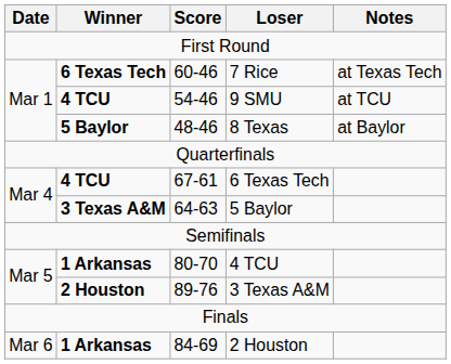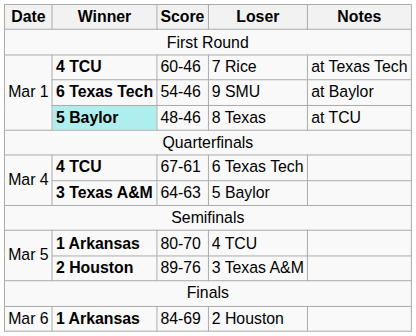 <table class=wikitable>
 <tr>
 <th>Date</th>
 <th>Winner</th>
 <th>Score</th>
 <th>Loser</th>
 <th>Notes</th>
 </tr>
 <tr>
 <td colspan="5" ; style="text-align: center">First Round</td>
 </tr>
 <tr>
 <td rowspan ="3">Mar 1</td>
-<td><strong>6 Texas Tech</strong></td>
+<td><strong>4 TCU</strong></td>
 <td>60-46</td>
 <td>7 Rice</td>
 <td>at Texas Tech</td>
 </tr>
 <tr>
-<td><strong>4 TCU</strong></td>
+<td><strong>6 Texas Tech</strong></td>
 <td>54-46</td>
 <td>9 SMU</td>
-<td>at TCU</td>
+<td>at Baylor</td>
 </tr>
 <tr>
-<td><strong>5 Baylor</strong></td>
+<td style="background: paleturquoise;"><strong>5 Baylor</strong></td>
 <td>48-46</td>
 <td>8 Texas</td>
-<td>at Baylor</td>
+<td>at TCU</td>
 </tr>
 <tr>
 <td colspan="5" ; style="text-align: center">Quarterfinals</td>
 </tr>
 <tr>
 <td rowspan ="2">Mar 4</td>
 <td><strong>4 TCU</strong></td>
 <td>67-61</td>
 <td>6 Texas Tech</td>
 <td></td>
 </tr>
 <tr>
 <td><strong>3 Texas A&M</strong></td>
 <td>64-63</td>
 <td>5 Baylor</td>
 <td></td>
 </tr>
 <tr>
 <td colspan="5" ; style="text-align: center">Semifinals</td>
 </tr>
 <tr>
 <td rowspan ="2">Mar 5</td>
 <td><strong>1 Arkansas</strong></td>
 <td>80-70</td>
 <td>4 TCU</td>
 <td></td>
 </tr>
 <tr>
 <td><strong>2 Houston</strong></td>
 <td>89-76</td>
 <td>3 Texas A&M</td>
 <td></td>
 </tr>
 <tr>
 <td colspan="5" ; style="text-align: center">Finals</td>
 </tr>
 <tr>
 <td>Mar 6</td>
 <td><strong>1 Arkansas</strong></td>
 <td>84-69</td>
 <td>2 Houston</td>
 <td></td>
 </tr>
 </table>
